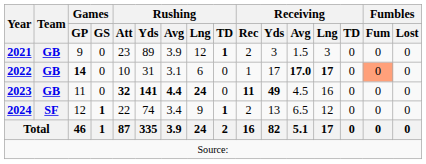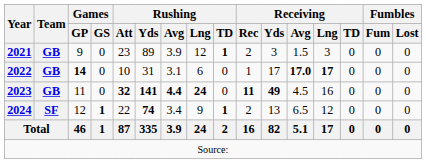 <table class="wikitable" style="text-align: center;">
 <tr>
 <th rowspan="2">Year</th>
 <th rowspan="2">Team</th>
 <th colspan="2">Games</th>
 <th colspan="5">Rushing</th>
 <th colspan="5">Receiving</th>
 <th colspan="2">Fumbles</th>
 </tr>
 <tr>
 <th>GP</th>
 <th>GS</th>
 <th>Att</th>
 <th>Yds</th>
 <th>Avg</th>
 <th>Lng</th>
 <th>TD</th>
 <th>Rec</th>
 <th>Yds</th>
 <th>Avg</th>
 <th>Lng</th>
 <th>TD</th>
 <th>Fum</th>
 <th>Lost</th>
 </tr>
 <tr>
 <th><a href='#'>2021</a></th>
 <th><a href='#'>GB</a></th>
 <td>9</td>
 <td>0</td>
 <td>23</td>
 <td>89</td>
 <td>3.9</td>
 <td>12</td>
 <td><strong>1</strong></td>
 <td>2</td>
 <td>3</td>
 <td>1.5</td>
 <td>3</td>
 <td>0</td>
 <td>0</td>
 <td>0</td>
 </tr>
 <tr>
 <th><a href='#'>2022</a></th>
 <th><a href='#'>GB</a></th>
 <td><strong>14</strong></td>
 <td>0</td>
 <td>10</td>
 <td>31</td>
 <td>3.1</td>
 <td>6</td>
 <td>0</td>
 <td>1</td>
 <td>17</td>
 <td><strong>17.0</strong></td>
 <td><strong>17</strong></td>
 <td>0</td>
-<td style="background: lightsalmon;">0</td>
+<td>0</td>
 <td>0</td>
 </tr>
 <tr>
 <th><a href='#'>2023</a></th>
 <th><a href='#'>GB</a></th>
 <td>11</td>
 <td>0</td>
 <td><strong>32</strong></td>
 <td><strong>141</strong></td>
 <td><strong>4.4</strong></td>
 <td><strong>24</strong></td>
 <td>0</td>
 <td><strong>11</strong></td>
 <td><strong>49</strong></td>
 <td>4.5</td>
 <td>16</td>
 <td>0</td>
 <td>0</td>
 <td>0</td>
 </tr>
 <tr>
 <th><a href='#'>2024</a></th>
 <th><a href='#'>SF</a></th>
 <td>12</td>
 <td><strong>1</strong></td>
 <td>22</td>
-<td>74</td>
+<td><strong>74</strong></td>
 <td>3.4</td>
 <td>9</td>
 <td><strong>1</strong></td>
 <td>2</td>
 <td>13</td>
 <td>6.5</td>
 <td>12</td>
 <td>0</td>
 <td>0</td>
 <td>0</td>
 </tr>
 <tr>
 <th colspan="2">Total</th>
 <th>46</th>
 <th>1</th>
 <th>87</th>
 <th>335</th>
 <th>3.9</th>
 <th>24</th>
 <th>2</th>
 <th>16</th>
 <th>82</th>
 <th>5.1</th>
 <th>17</th>
 <th>0</th>
 <th>0</th>
 <th>0</th>
 </tr>
 <tr>
 <td colspan="16"><small>Source: </small></td>
 </tr>
 </table>
